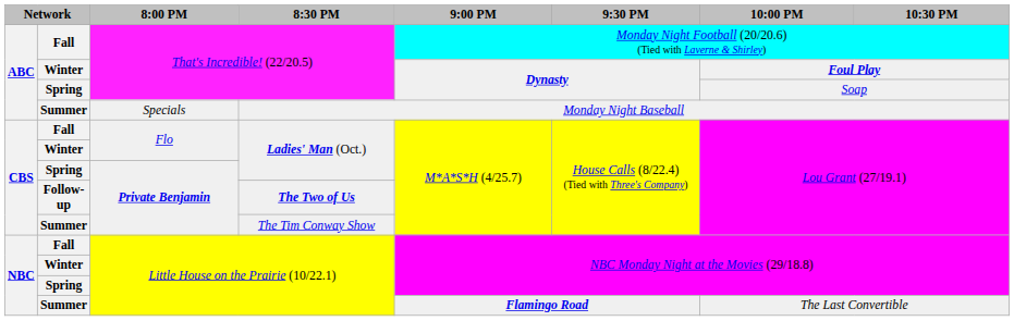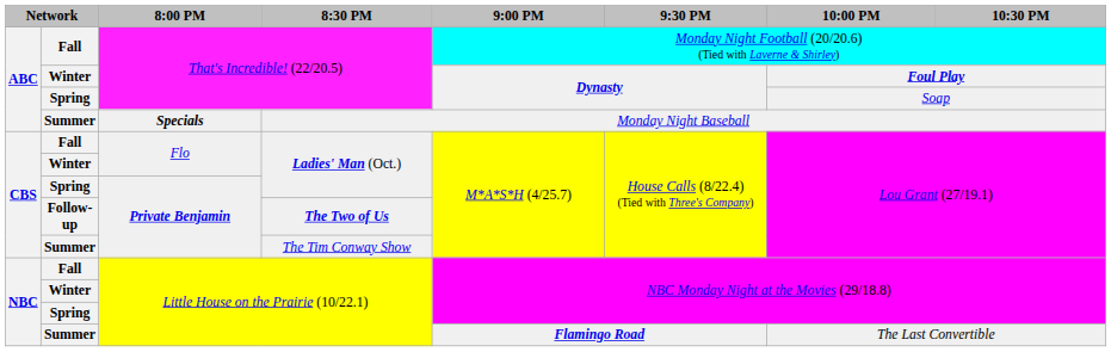 <table class="wikitable plainrowheaders" style="width:100%; margin:auto; text-align:center;">
 <tr>
 <th colspan="2" style="background-color:#C0C0C0;text-align:center">Network</th>
 <th width="16%" style="background-color:#C0C0C0;text-align:center">8:00 PM</th>
 <th width="17%" style="background-color:#C0C0C0;text-align:center">8:30 PM</th>
 <th width="17%" style="background-color:#C0C0C0;text-align:center">9:00 PM</th>
 <th width="16%" style="background-color:#C0C0C0;text-align:center">9:30 PM</th>
 <th width="17%" style="background-color:#C0C0C0;text-align:center">10:00 PM</th>
 <th width="17%" style="background-color:#C0C0C0;text-align:center">10:30 PM</th>
 </tr>
 <tr>
 <th bgcolor="#C0C0C0" rowspan="4"><a href='#'>ABC</a></th>
 <th>Fall</th>
 <td bgcolor="#FF22FF" colspan="2" rowspan="3"><em><a href='#'>That's Incredible!</a></em> (22/20.5)</td>
 <td bgcolor="#00FFFF" colspan="4"><em><a href='#'>Monday Night Football</a></em> (20/20.6)<br><small>(Tied with <em><a href='#'>Laverne & Shirley</a></em>)</small></td>
 </tr>
 <tr>
 <th>Winter</th>
 <td bgcolor="#F0F0F0" colspan="2" rowspan="2"><strong><em><a href='#'>Dynasty</a></em></strong></td>
 <td bgcolor="#F0F0F0" colspan="2"><strong><em><a href='#'>Foul Play</a></em></strong></td>
 </tr>
 <tr>
 <th>Spring</th>
 <td bgcolor="#F0F0F0" colspan="2"><em><a href='#'>Soap</a></em></td>
 </tr>
 <tr>
 <th>Summer</th>
-<td bgcolor="#F0F0F0"><em>Specials</em></td>
+<td bgcolor="#F0F0F0"><strong><em>Specials</em></strong></td>
 <td bgcolor="#F0F0F0" colspan="5"><em><a href='#'>Monday Night Baseball</a></em></td>
 </tr>
 <tr>
 <th bgcolor="#C0C0C0" rowspan="5"><a href='#'>CBS</a></th>
 <th>Fall</th>
 <td bgcolor="#F0F0F0" rowspan="2"><em><a href='#'>Flo</a></em></td>
 <td bgcolor="#F0F0F0" rowspan="3"><strong><em><a href='#'>Ladies' Man</a></em></strong> (Oct.)</td>
 <td bgcolor="#FFFF00"  rowspan="5"><em><a href='#'>M*A*S*H</a></em> (4/25.7)</td>
 <td bgcolor="#FFFF00"  rowspan="5"><em><a href='#'>House Calls</a></em> (8/22.4)<br><small>(Tied with <em><a href='#'>Three's Company</a></em>)</small></td>
 <td bgcolor="#FF00FF" colspan="2" rowspan="5"><em><a href='#'>Lou Grant</a></em> (27/19.1)</td>
 </tr>
 <tr>
 <th>Winter</th>
 </tr>
 <tr>
 <th>Spring</th>
 <td bgcolor="#F0F0F0" rowspan="3"><strong><em><a href='#'>Private Benjamin</a></em></strong></td>
 </tr>
 <tr>
 <th>Follow-up</th>
 <td bgcolor="#F0F0F0"><strong><em><a href='#'>The Two of Us</a></em></strong></td>
 </tr>
 <tr>
 <th>Summer</th>
 <td bgcolor="#F0F0F0"><em><a href='#'>The Tim Conway Show</a></em></td>
 </tr>
 <tr>
 <th bgcolor="#C0C0C0" rowspan="4"><a href='#'>NBC</a></th>
 <th>Fall</th>
 <td bgcolor="#FFFF00" colspan="2" rowspan="4"><em><a href='#'>Little House on the Prairie</a></em> (10/22.1)</td>
 <td bgcolor="#FF00FF" colspan="4" rowspan="3"><em><a href='#'>NBC Monday Night at the Movies</a></em> (29/18.8)</td>
 </tr>
 <tr>
 <th>Winter</th>
 </tr>
 <tr>
 <th>Spring</th>
 </tr>
 <tr>
 <th>Summer</th>
 <td bgcolor="#F0F0F0" colspan="2"><strong><em><a href='#'>Flamingo Road</a></em></strong></td>
 <td bgcolor="#F0F0F0" colspan="2"><em>The Last Convertible</em></td>
 </tr>
 </table>
